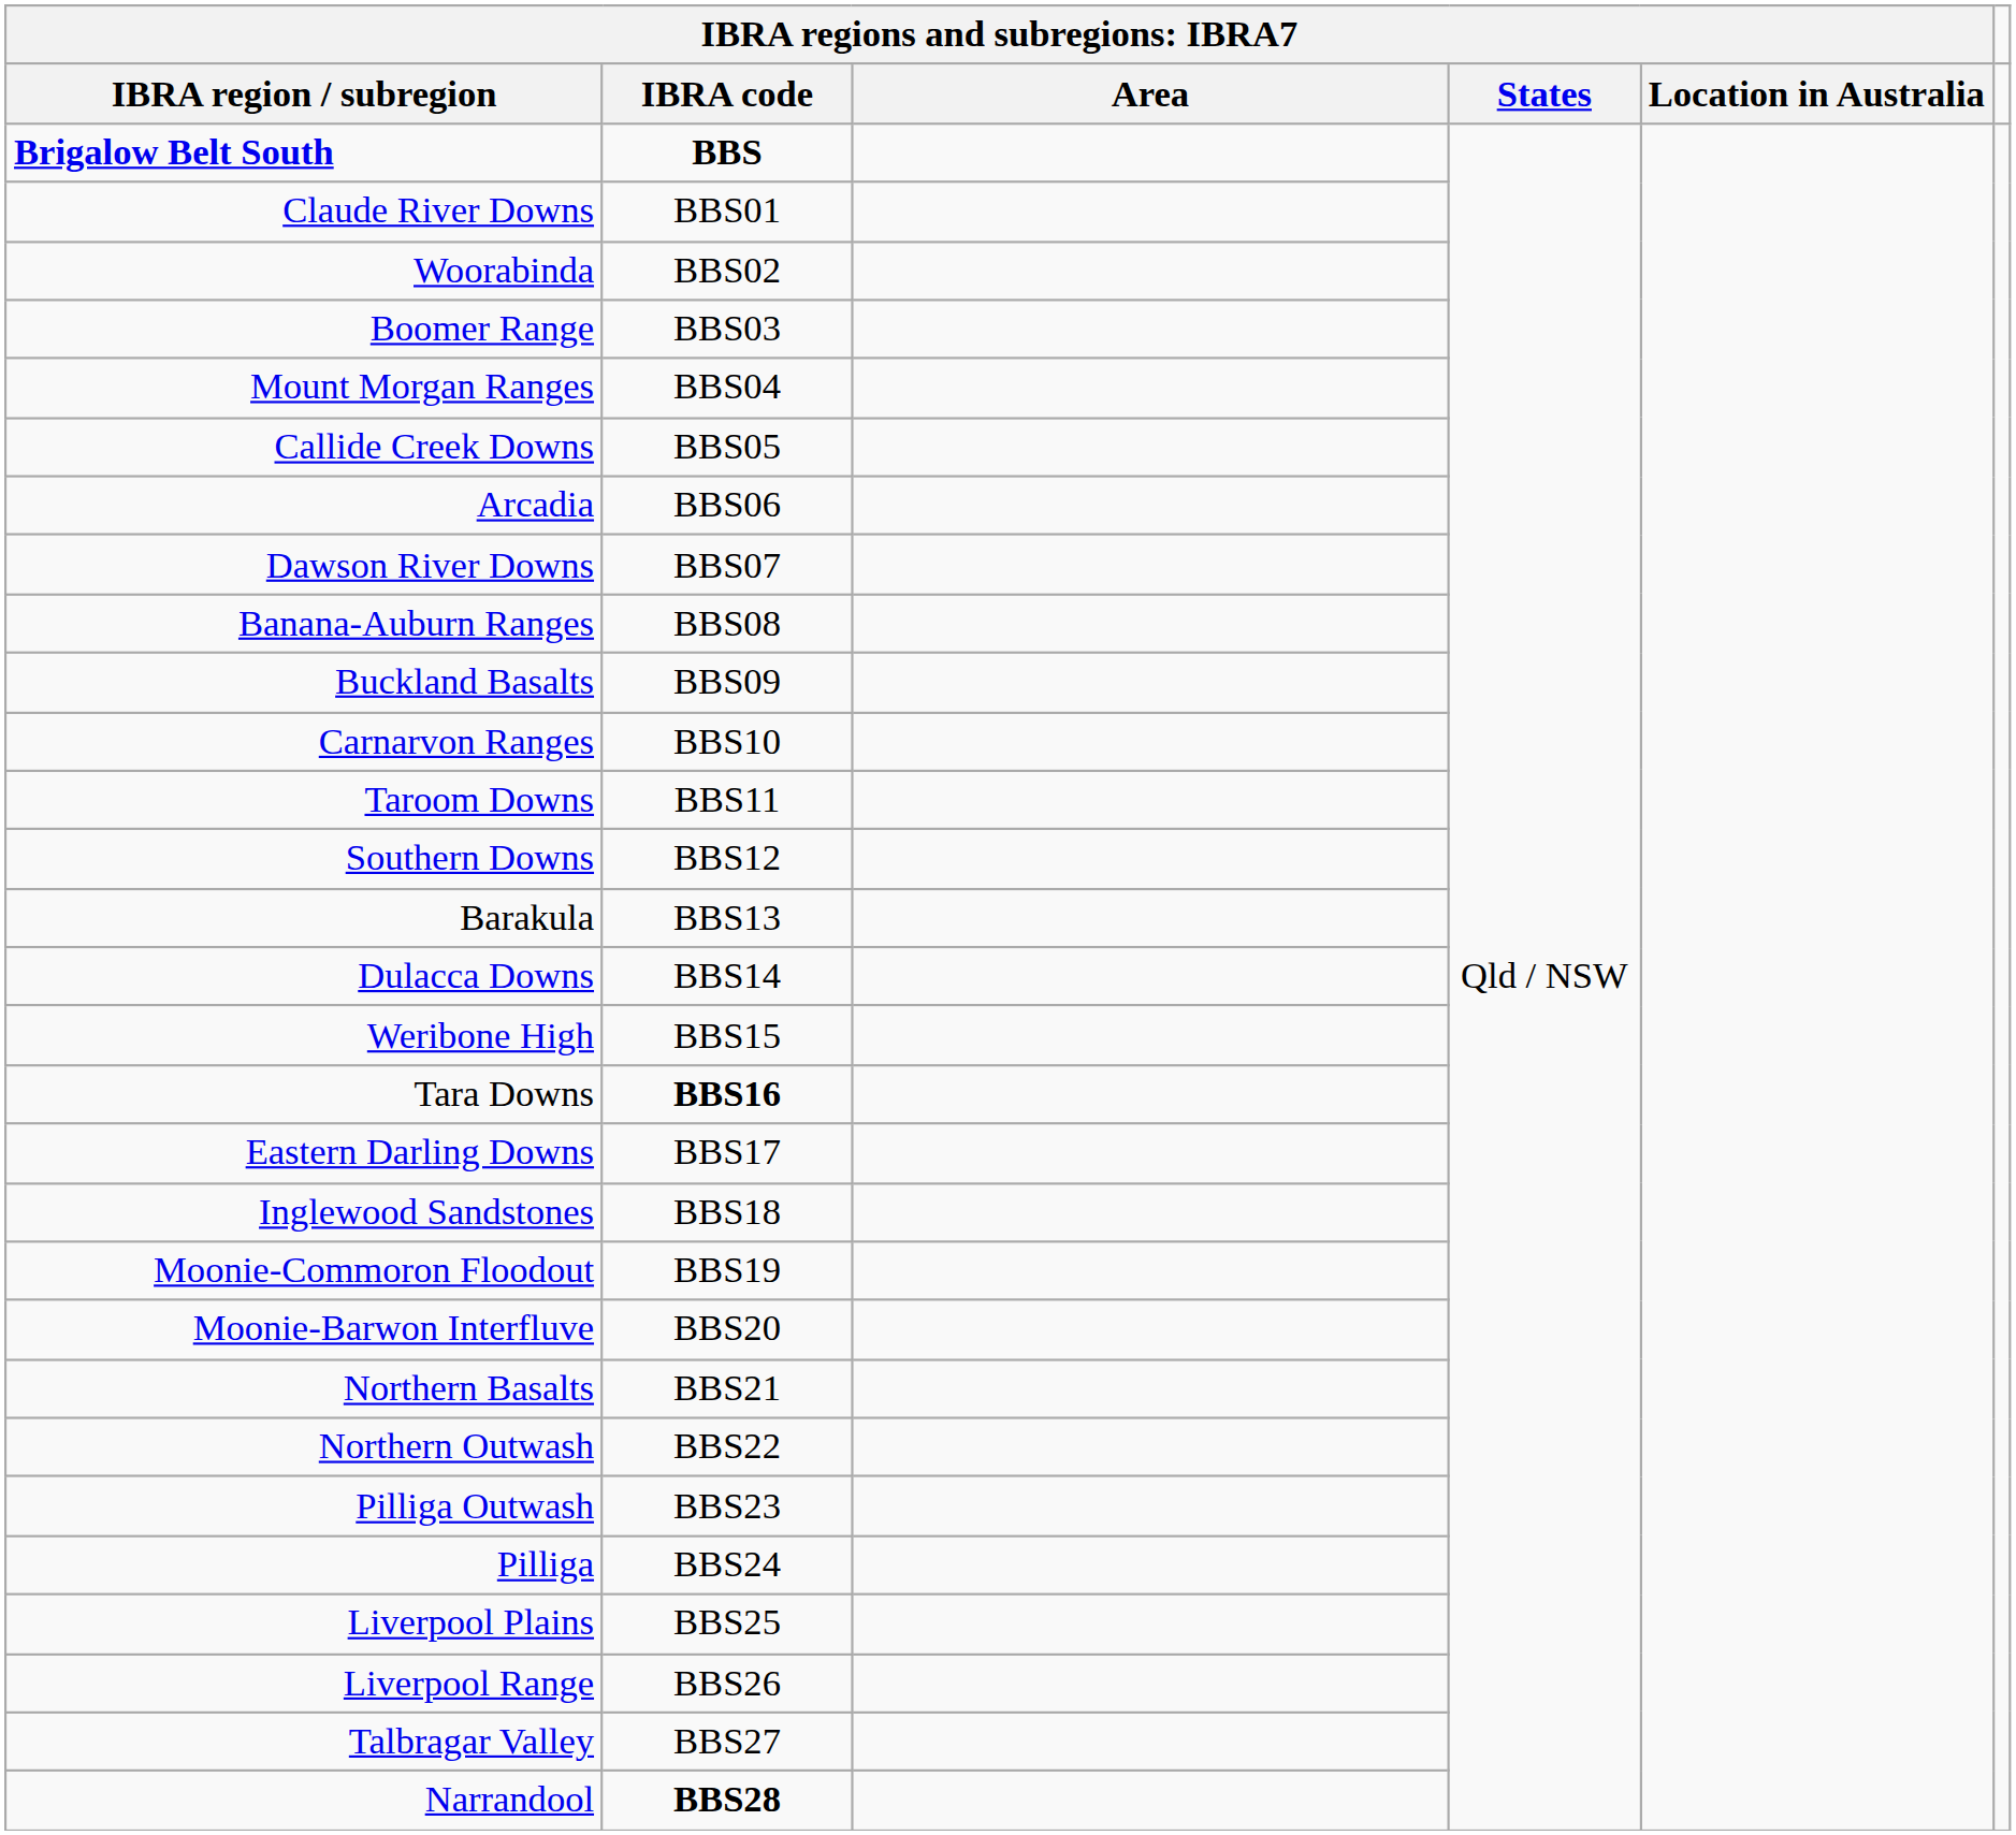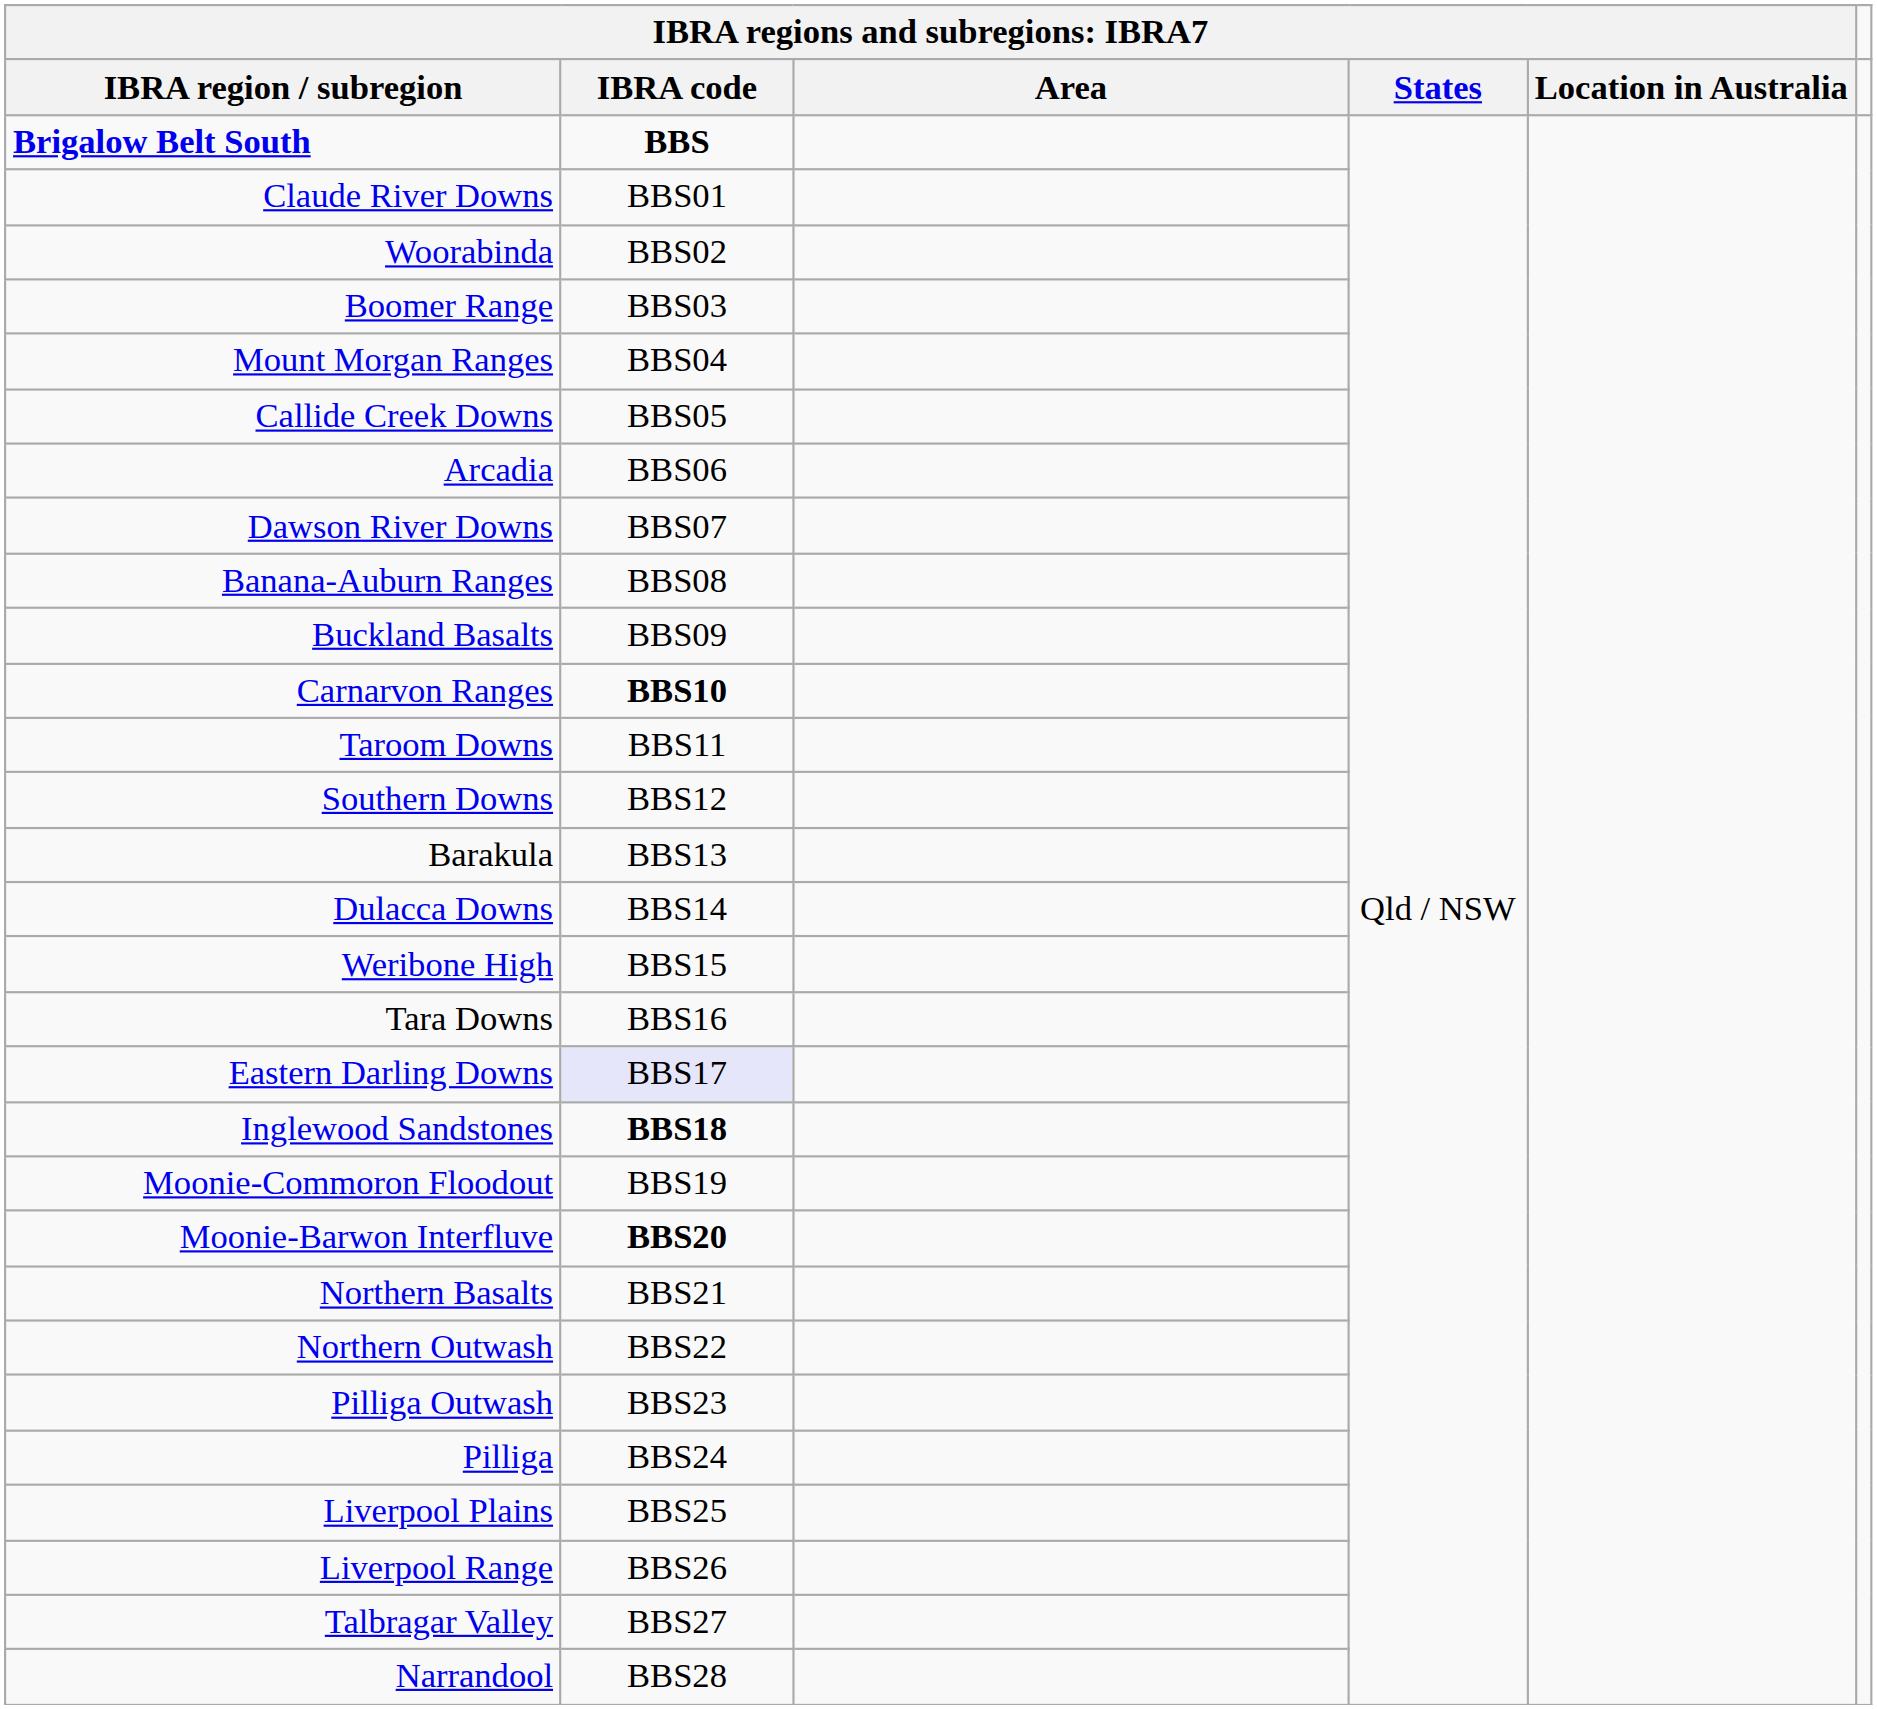 <table class="wikitable sortable">
 <tr>
 <th colspan=5>IBRA regions and subregions: IBRA7</th>
 </tr>
 <tr>
 <th scope="col" width="250px">IBRA region / subregion</th>
 <th scope="col" width="100px">IBRA code</th>
 <th scope="col" width="250px">Area</th>
 <th scope="col" width="75px"><a href='#'>States</a></th>
 <th>Location in Australia</th>
 <td></td>
 </tr>
 <tr>
 <td><strong><a href='#'>Brigalow Belt South</a></strong></td>
 <td align="center"><strong>BBS</strong></td>
 <td align="right"><strong></strong></td>
 <td align="center" rowspan=29>Qld / NSW</td>
 <td align="center" rowspan=29></td>
 </tr>
 <tr>
 <td align="right"><a href='#'>Claude River Downs</a></td>
 <td align="center">BBS01</td>
 <td align="right"></td>
 </tr>
 <tr>
 <td align="right"><a href='#'>Woorabinda</a></td>
 <td align="center">BBS02</td>
 <td align="right"></td>
 </tr>
 <tr>
 <td align="right"><a href='#'>Boomer Range</a></td>
 <td align="center">BBS03</td>
 <td align="right"></td>
 </tr>
 <tr>
 <td align="right"><a href='#'>Mount Morgan Ranges</a></td>
 <td align="center">BBS04</td>
 <td align="right"></td>
 </tr>
 <tr>
 <td align="right"><a href='#'>Callide Creek Downs</a></td>
 <td align="center">BBS05</td>
 <td align="right"></td>
 </tr>
 <tr>
 <td align="right"><a href='#'>Arcadia</a></td>
 <td align="center">BBS06</td>
 <td align="right"></td>
 </tr>
 <tr>
 <td align="right"><a href='#'>Dawson River Downs</a></td>
 <td align="center">BBS07</td>
 <td align="right"></td>
 </tr>
 <tr>
 <td align="right"><a href='#'>Banana-Auburn Ranges</a></td>
 <td align="center">BBS08</td>
 <td align="right"></td>
 </tr>
 <tr>
 <td align="right"><a href='#'>Buckland Basalts</a></td>
 <td align="center">BBS09</td>
 <td align="right"></td>
 </tr>
 <tr>
 <td align="right"><a href='#'>Carnarvon Ranges</a></td>
-<td align="center">BBS10</td>
+<td align="center"><strong>BBS10</strong></td>
 <td align="right"></td>
 </tr>
 <tr>
 <td align="right"><a href='#'>Taroom Downs</a></td>
 <td align="center">BBS11</td>
 <td align="right"></td>
 </tr>
 <tr>
 <td align="right"><a href='#'>Southern Downs</a></td>
 <td align="center">BBS12</td>
 <td align="right"></td>
 </tr>
 <tr>
 <td align="right">Barakula</td>
 <td align="center">BBS13</td>
 <td align="right"></td>
 </tr>
 <tr>
 <td align="right"><a href='#'>Dulacca Downs</a></td>
 <td align="center">BBS14</td>
 <td align="right"></td>
 </tr>
 <tr>
 <td align="right"><a href='#'>Weribone High</a></td>
 <td align="center">BBS15</td>
 <td align="right"></td>
 </tr>
 <tr>
 <td align="right">Tara Downs</td>
-<td align="center"><strong>BBS16</strong></td>
+<td align="center">BBS16</td>
 <td align="right"></td>
 </tr>
 <tr>
 <td align="right"><a href='#'>Eastern Darling Downs</a></td>
-<td align="center">BBS17</td>
+<td align="center" style="background: lavender;">BBS17</td>
 <td align="right"></td>
 </tr>
 <tr>
 <td align="right"><a href='#'>Inglewood Sandstones</a></td>
-<td align="center">BBS18</td>
+<td align="center"><strong>BBS18</strong></td>
 <td align="right"></td>
 </tr>
 <tr>
 <td align="right"><a href='#'>Moonie-Commoron Floodout</a></td>
 <td align="center">BBS19</td>
 <td align="right"></td>
 </tr>
 <tr>
 <td align="right"><a href='#'>Moonie-Barwon Interfluve</a></td>
-<td align="center">BBS20</td>
+<td align="center"><strong>BBS20</strong></td>
 <td align="right"></td>
 </tr>
 <tr>
 <td align="right"><a href='#'>Northern Basalts</a></td>
 <td align="center">BBS21</td>
 <td align="right"></td>
 </tr>
 <tr>
 <td align="right"><a href='#'>Northern Outwash</a></td>
 <td align="center">BBS22</td>
 <td align="right"></td>
 </tr>
 <tr>
 <td align="right"><a href='#'>Pilliga Outwash</a></td>
 <td align="center">BBS23</td>
 <td align="right"></td>
 </tr>
 <tr>
 <td align="right"><a href='#'>Pilliga</a></td>
 <td align="center">BBS24</td>
 <td align="right"></td>
 </tr>
 <tr>
 <td align="right"><a href='#'>Liverpool Plains</a></td>
 <td align="center">BBS25</td>
 <td align="right"></td>
 </tr>
 <tr>
 <td align="right"><a href='#'>Liverpool Range</a></td>
 <td align="center">BBS26</td>
 <td align="right"></td>
 </tr>
 <tr>
 <td align="right"><a href='#'>Talbragar Valley</a></td>
 <td align="center">BBS27</td>
 <td align="right"></td>
 </tr>
 <tr>
 <td align="right"><a href='#'>Narrandool</a></td>
-<td align="center"><strong>BBS28</strong></td>
+<td align="center">BBS28</td>
 <td align="right"></td>
 </tr>
 <tr>
 </tr>
 </table>
